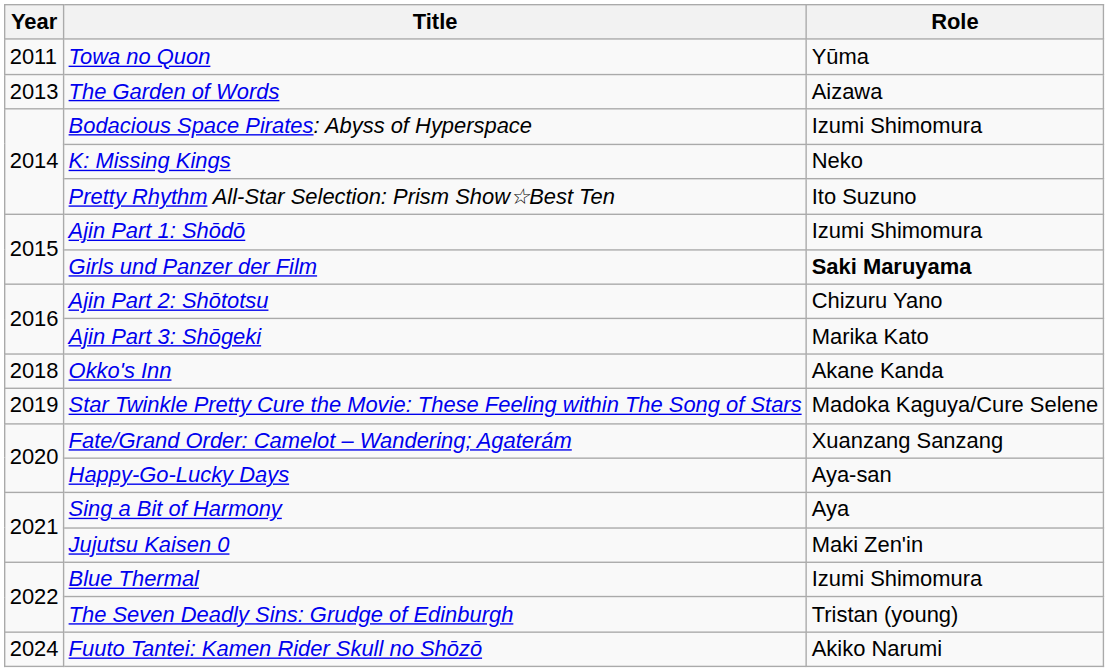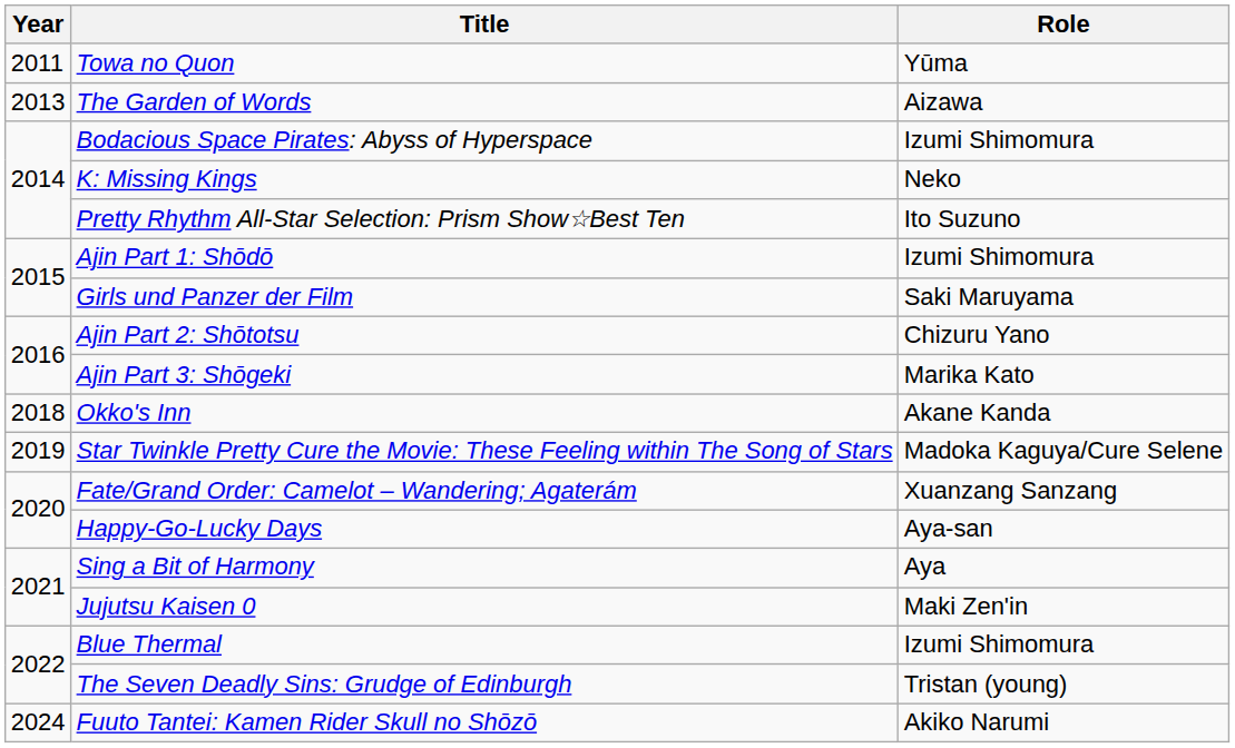 <table class="wikitable">
 <tr>
 <th>Year</th>
 <th>Title</th>
 <th>Role</th>
 </tr>
 <tr>
 <td>2011</td>
 <td><em><a href='#'>Towa no Quon</a></em></td>
 <td>Yūma</td>
 </tr>
 <tr>
 <td>2013</td>
 <td><em><a href='#'>The Garden of Words</a></em></td>
 <td>Aizawa</td>
 </tr>
 <tr>
 <td rowspan="3">2014</td>
 <td><em><a href='#'>Bodacious Space Pirates</a>: Abyss of Hyperspace</em></td>
 <td>Izumi Shimomura</td>
 </tr>
 <tr>
 <td><em><a href='#'>K: Missing Kings</a></em></td>
 <td>Neko</td>
 </tr>
 <tr>
 <td><em><a href='#'>Pretty Rhythm</a> All-Star Selection: Prism Show☆Best Ten</em></td>
 <td>Ito Suzuno</td>
 </tr>
 <tr>
 <td rowspan="2">2015</td>
 <td><em><a href='#'>Ajin Part 1: Shōdō</a></em></td>
 <td>Izumi Shimomura</td>
 </tr>
 <tr>
 <td><em><a href='#'>Girls und Panzer der Film</a></em></td>
-<td><strong>Saki Maruyama</strong></td>
+<td>Saki Maruyama</td>
 </tr>
 <tr>
 <td rowspan="2">2016</td>
 <td><em><a href='#'>Ajin Part 2: Shōtotsu</a></em></td>
 <td>Chizuru Yano</td>
 </tr>
 <tr>
 <td><em><a href='#'>Ajin Part 3: Shōgeki</a></em></td>
 <td>Marika Kato</td>
 </tr>
 <tr>
 <td>2018</td>
 <td><em><a href='#'>Okko's Inn</a></em></td>
 <td>Akane Kanda</td>
 </tr>
 <tr>
 <td>2019</td>
 <td><em><a href='#'>Star Twinkle Pretty Cure the Movie: These Feeling within The Song of Stars</a></em></td>
 <td>Madoka Kaguya/Cure Selene</td>
 </tr>
 <tr>
 <td rowspan="2">2020</td>
 <td><em><a href='#'>Fate/Grand Order: Camelot – Wandering; Agaterám</a></em></td>
 <td>Xuanzang Sanzang</td>
 </tr>
 <tr>
 <td><em><a href='#'>Happy-Go-Lucky Days</a></em></td>
 <td>Aya-san</td>
 </tr>
 <tr>
 <td rowspan="2">2021</td>
 <td><em><a href='#'>Sing a Bit of Harmony</a></em></td>
 <td>Aya</td>
 </tr>
 <tr>
 <td><em><a href='#'>Jujutsu Kaisen 0</a></em></td>
 <td>Maki Zen'in</td>
 </tr>
 <tr>
 <td rowspan="2">2022</td>
 <td><em><a href='#'>Blue Thermal</a></em></td>
 <td>Izumi Shimomura</td>
 </tr>
 <tr>
 <td><em><a href='#'>The Seven Deadly Sins: Grudge of Edinburgh</a></em></td>
 <td>Tristan (young)</td>
 </tr>
 <tr>
 <td>2024</td>
 <td><em><a href='#'>Fuuto Tantei: Kamen Rider Skull no Shōzō</a></em></td>
 <td>Akiko Narumi</td>
 </tr>
 </table>
